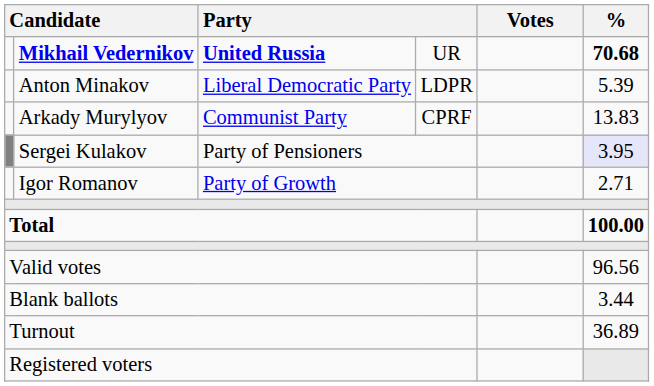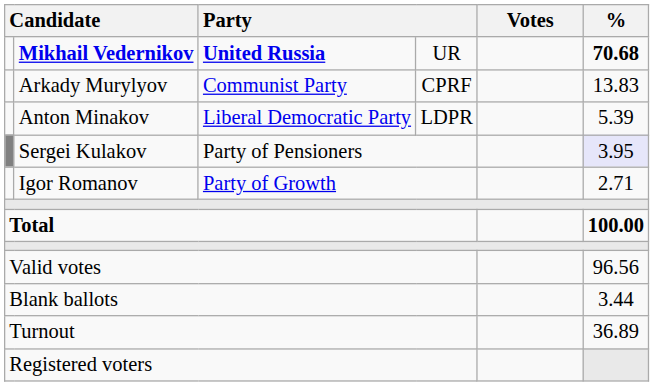 <table class="wikitable" style="text-align:center;">
 <tr>
 <th style="text-align:left;" colspan="2">Candidate</th>
 <th style="text-align:left;" colspan="2">Party</th>
 <th width="75">Votes</th>
 <th width="30">%</th>
 </tr>
 <tr>
 <td style="background-color:"></td>
 <td style="text-align:left;"><strong><a href='#'>Mikhail Vedernikov</a></strong></td>
 <td style="text-align:left;"><strong><a href='#'>United Russia</a></strong></td>
 <td>UR</td>
 <td><strong></strong></td>
 <td><strong>70.68</strong></td>
 </tr>
 <tr>
 <td style="background-color:"></td>
+<td style="text-align:left;">Arkady Murylyov</td>
+<td style="text-align:left;"><a href='#'>Communist Party</a></td>
+<td>CPRF</td>
+<td></td>
+<td>13.83</td>
+</tr>
+<tr>
+<td style="background-color:"></td>
 <td style="text-align:left;">Anton Minakov</td>
 <td style="text-align:left;"><a href='#'>Liberal Democratic Party</a></td>
 <td>LDPR</td>
 <td></td>
 <td>5.39</td>
-</tr>
-<tr>
-<td style="background-color:"></td>
-<td style="text-align:left;">Arkady Murylyov</td>
-<td style="text-align:left;"><a href='#'>Communist Party</a></td>
-<td>CPRF</td>
-<td></td>
-<td>13.83</td>
 </tr>
 <tr>
 <td style="background-color:grey;"></td>
 <td style="text-align:left;">Sergei Kulakov</td>
 <td style="text-align:left;" colspan = 2>Party of Pensioners</td>
 <td></td>
 <td style="background: lavender;">3.95</td>
 </tr>
 <tr>
 <td style="background-color:"></td>
 <td style="text-align:left;">Igor Romanov</td>
 <td style="text-align:left;" colspan = 2><a href='#'>Party of Growth</a></td>
 <td></td>
 <td>2.71</td>
 </tr>
 <tr>
 <td style="background-color:#E9E9E9;" colspan="6"></td>
 </tr>
 <tr style="font-weight:bold">
 <td style="text-align:left;" colspan="4">Total</td>
 <td></td>
 <td>100.00</td>
 </tr>
 <tr>
 <td style="background-color:#E9E9E9;" colspan="6"></td>
 </tr>
 <tr>
 <td style="text-align:left;" colspan="4">Valid votes</td>
 <td></td>
 <td>96.56</td>
 </tr>
 <tr>
 <td style="text-align:left;" colspan="4">Blank ballots</td>
 <td></td>
 <td>3.44</td>
 </tr>
 <tr>
 <td style="text-align:left;" colspan="4">Turnout</td>
 <td></td>
 <td>36.89</td>
 </tr>
 <tr>
 <td style="text-align:left;" colspan="4">Registered voters</td>
 <td></td>
 <td style="background-color:#E9E9E9;"></td>
 </tr>
 </table>
